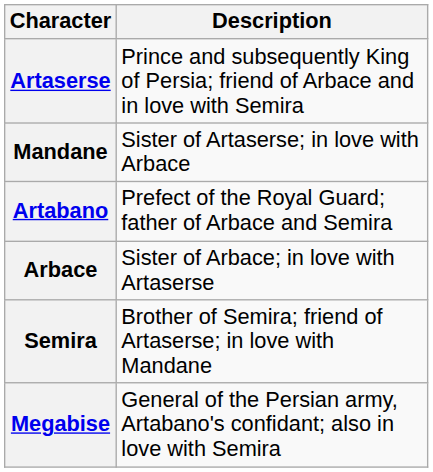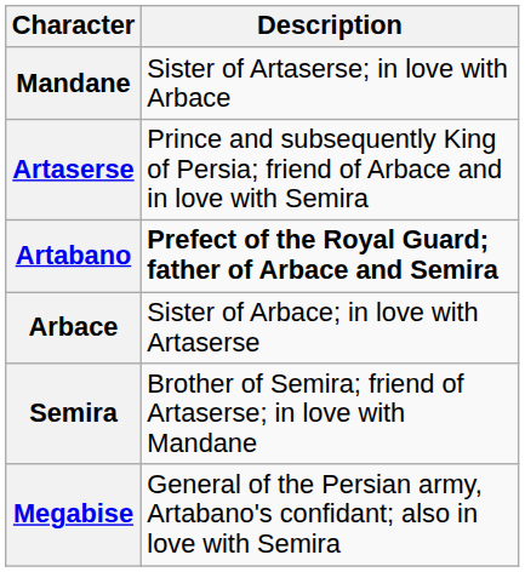 <table class="wikitable" style="text-left:right;width:50%">
 <tr>
 <th scope="col" style "width:10%">Character</th>
 <th scope="col" style "width:30%">Description</th>
 </tr>
 <tr>
+<th scope="row">Mandane</th>
+<td>Sister of Artaserse; in love with Arbace</td>
+</tr>
+<tr>
 <th scope="row"><a href='#'>Artaserse</a></th>
 <td>Prince and subsequently King of Persia; friend of Arbace and in love with Semira</td>
 </tr>
 <tr>
-<th scope="row">Mandane</th>
-<td>Sister of Artaserse; in love with Arbace</td>
-</tr>
-<tr>
 <th scope="row"><a href='#'>Artabano</a></th>
-<td>Prefect of the Royal Guard; father of Arbace and Semira</td>
+<td><strong>Prefect of the Royal Guard; father of Arbace and Semira</strong></td>
 </tr>
 <tr>
 <th scope="row">Arbace</th>
 <td>Sister of Arbace; in love with Artaserse</td>
 </tr>
 <tr>
 <th scope="row">Semira</th>
 <td>Brother of Semira; friend of Artaserse; in love with Mandane</td>
 </tr>
 <tr>
 <th scope="row"><a href='#'>Megabise</a></th>
 <td>General of the Persian army, Artabano's confidant; also in love with Semira</td>
 </tr>
 </table>
